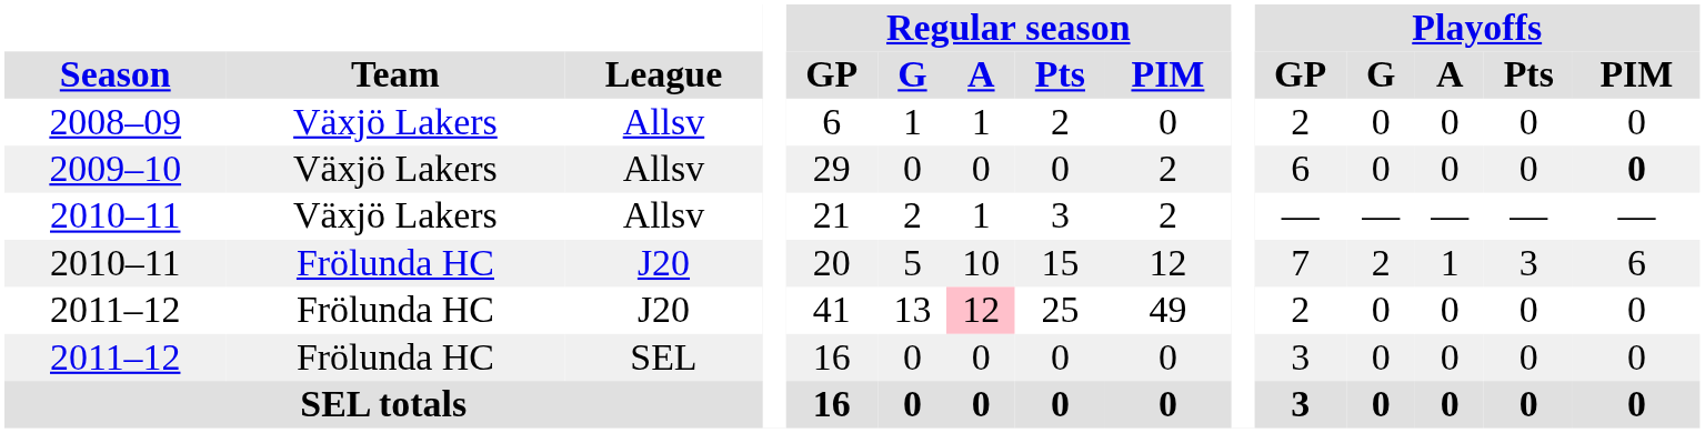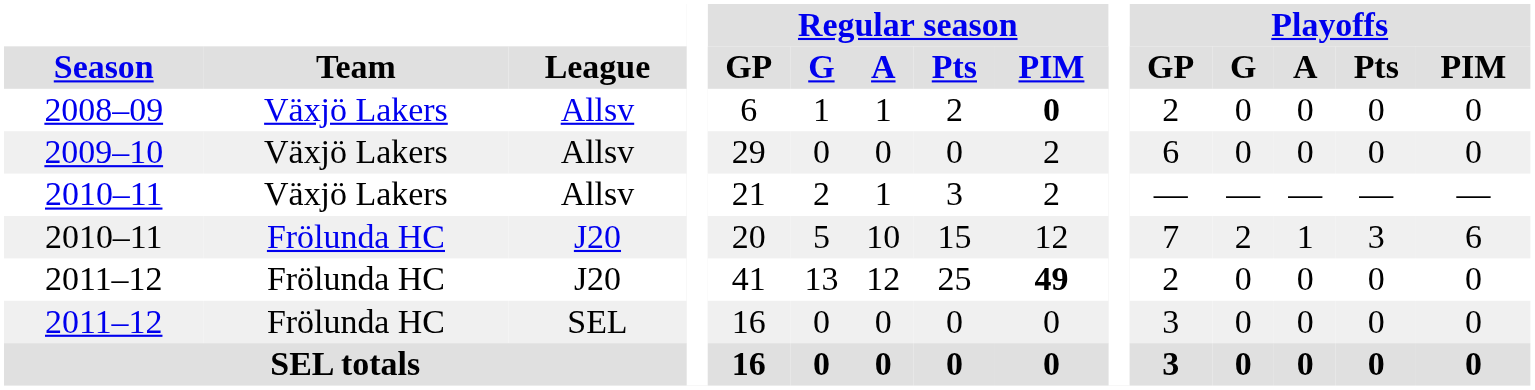 <table border="0" cellpadding="1" cellspacing="0" style="text-align:center; width:45em">
 <tr bgcolor="#e0e0e0">
 <th colspan="3" bgcolor="#ffffff"> </th>
 <th rowspan="99" bgcolor="#ffffff"> </th>
 <th colspan="5"><a href='#'>Regular season</a></th>
 <th rowspan="99" bgcolor="#ffffff"> </th>
 <th colspan="5"><a href='#'>Playoffs</a></th>
 </tr>
 <tr bgcolor="#e0e0e0">
 <th><a href='#'>Season</a></th>
 <th>Team</th>
 <th>League</th>
 <th>GP</th>
 <th><a href='#'>G</a></th>
 <th><a href='#'>A</a></th>
 <th><a href='#'>Pts</a></th>
 <th><a href='#'>PIM</a></th>
 <th>GP</th>
 <th>G</th>
 <th>A</th>
 <th>Pts</th>
 <th>PIM</th>
 </tr>
 <tr>
 <td><a href='#'>2008–09</a></td>
 <td><a href='#'>Växjö Lakers</a></td>
 <td><a href='#'>Allsv</a></td>
 <td>6</td>
 <td>1</td>
 <td>1</td>
 <td>2</td>
-<td>0</td>
+<td><strong>0</strong></td>
 <td>2</td>
 <td>0</td>
 <td>0</td>
 <td>0</td>
 <td>0</td>
 </tr>
 <tr bgcolor="#f0f0f0">
 <td><a href='#'>2009–10</a></td>
 <td>Växjö Lakers</td>
 <td>Allsv</td>
 <td>29</td>
 <td>0</td>
 <td>0</td>
 <td>0</td>
 <td>2</td>
 <td>6</td>
 <td>0</td>
 <td>0</td>
 <td>0</td>
-<td><strong>0</strong></td>
+<td>0</td>
 </tr>
 <tr>
 <td><a href='#'>2010–11</a></td>
 <td>Växjö Lakers</td>
 <td>Allsv</td>
 <td>21</td>
 <td>2</td>
 <td>1</td>
 <td>3</td>
 <td>2</td>
 <td>—</td>
 <td>—</td>
 <td>—</td>
 <td>—</td>
 <td>—</td>
 </tr>
 <tr bgcolor="#f0f0f0">
 <td>2010–11</td>
 <td><a href='#'>Frölunda HC</a></td>
 <td><a href='#'>J20</a></td>
 <td>20</td>
 <td>5</td>
 <td>10</td>
 <td>15</td>
 <td>12</td>
 <td>7</td>
 <td>2</td>
 <td>1</td>
 <td>3</td>
 <td>6</td>
 </tr>
 <tr>
 <td>2011–12</td>
 <td>Frölunda HC</td>
 <td>J20</td>
 <td>41</td>
 <td>13</td>
-<td style="background: pink;">12</td>
+<td>12</td>
 <td>25</td>
-<td>49</td>
+<td><strong>49</strong></td>
 <td>2</td>
 <td>0</td>
 <td>0</td>
 <td>0</td>
 <td>0</td>
 </tr>
 <tr bgcolor="#f0f0f0">
 <td><a href='#'>2011–12</a></td>
 <td>Frölunda HC</td>
 <td>SEL</td>
 <td>16</td>
 <td>0</td>
 <td>0</td>
 <td>0</td>
 <td>0</td>
 <td>3</td>
 <td>0</td>
 <td>0</td>
 <td>0</td>
 <td>0</td>
 </tr>
 <tr bgcolor="#e0e0e0">
 <th colspan="3">SEL totals</th>
 <th>16</th>
 <th>0</th>
 <th>0</th>
 <th>0</th>
 <th>0</th>
 <th>3</th>
 <th>0</th>
 <th>0</th>
 <th>0</th>
 <th>0</th>
 </tr>
 </table>
